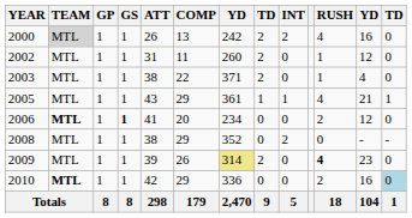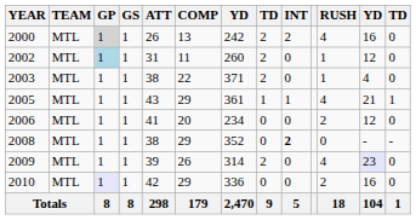 <table class="wikitable">
 <tr>
 <th>YEAR</th>
 <th>TEAM</th>
 <th>GP</th>
 <th>GS</th>
 <th>ATT</th>
 <th>COMP</th>
 <th>YD</th>
 <th>TD</th>
 <th>INT</th>
 <th></th>
 <th>RUSH</th>
 <th>YD</th>
 <th>TD</th>
 </tr>
 <tr>
 <td>2000</td>
-<td style="background: lightgrey;">MTL</td>
-<td>1</td>
+<td>MTL</td>
+<td style="background: lightgrey;">1</td>
 <td>1</td>
 <td>26</td>
 <td>13</td>
 <td>242</td>
 <td>2</td>
 <td>2</td>
 <td></td>
 <td>4</td>
 <td>16</td>
 <td>0</td>
 </tr>
 <tr>
 <td>2002</td>
 <td>MTL</td>
-<td>1</td>
+<td style="background: lightblue;">1</td>
 <td>1</td>
 <td>31</td>
 <td>11</td>
 <td>260</td>
 <td>2</td>
 <td>0</td>
 <td></td>
 <td>1</td>
 <td>12</td>
 <td>0</td>
 </tr>
 <tr>
 <td>2003</td>
 <td>MTL</td>
 <td>1</td>
 <td>1</td>
 <td>38</td>
 <td>22</td>
 <td>371</td>
 <td>2</td>
 <td>0</td>
 <td></td>
 <td>1</td>
 <td>4</td>
 <td>0</td>
 </tr>
 <tr>
 <td>2005</td>
 <td>MTL</td>
 <td>1</td>
 <td>1</td>
 <td>43</td>
 <td>29</td>
 <td>361</td>
 <td>1</td>
 <td>1</td>
 <td></td>
 <td>4</td>
 <td>21</td>
 <td>1</td>
 </tr>
 <tr>
 <td>2006</td>
-<td><strong>MTL</strong></td>
+<td>MTL</td>
 <td>1</td>
-<td><strong>1</strong></td>
+<td>1</td>
 <td>41</td>
 <td>20</td>
 <td>234</td>
 <td>0</td>
 <td>0</td>
 <td></td>
 <td>2</td>
 <td>12</td>
 <td>0</td>
 </tr>
 <tr>
 <td>2008</td>
 <td>MTL</td>
 <td>1</td>
 <td>1</td>
 <td>38</td>
 <td>29</td>
 <td>352</td>
 <td>0</td>
-<td>2</td>
+<td><strong>2</strong></td>
 <td></td>
 <td>0</td>
 <td>-</td>
 <td>-</td>
 </tr>
 <tr>
 <td>2009</td>
 <td>MTL</td>
 <td>1</td>
 <td>1</td>
 <td>39</td>
 <td>26</td>
-<td style="background: khaki;">314</td>
+<td>314</td>
 <td>2</td>
 <td>0</td>
 <td></td>
-<td><strong>4</strong></td>
-<td>23</td>
+<td>4</td>
+<td style="background: lavender;">23</td>
 <td>0</td>
 </tr>
 <tr>
 <td>2010</td>
-<td><strong>MTL</strong></td>
-<td>1</td>
+<td>MTL</td>
+<td style="background: lavender;">1</td>
 <td>1</td>
 <td>42</td>
 <td>29</td>
 <td>336</td>
 <td>0</td>
 <td>0</td>
 <td></td>
 <td>2</td>
 <td>16</td>
-<td style="background: lightblue;">0</td>
+<td>0</td>
 </tr>
 <tr>
 <th colspan="2">Totals</th>
 <th>8</th>
 <th>8</th>
 <th>298</th>
 <th>179</th>
 <th>2,470</th>
 <th>9</th>
 <th>5</th>
 <th></th>
 <th>18</th>
 <th>104</th>
 <th>1</th>
 </tr>
 </table>
